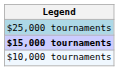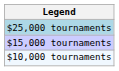 <table class="wikitable" style="font-size:85%;">
 <tr>
 <th>Legend</th>
 </tr>
 <tr style="background:lightblue;">
 <td>$25,000 tournaments</td>
 </tr>
 <tr style="background:#ccf;">
-<td><strong>$15,000 tournaments</strong></td>
+<td>$15,000 tournaments</td>
 </tr>
 <tr style="background:#f0f8ff;">
 <td>$10,000 tournaments</td>
 </tr>
 </table>
